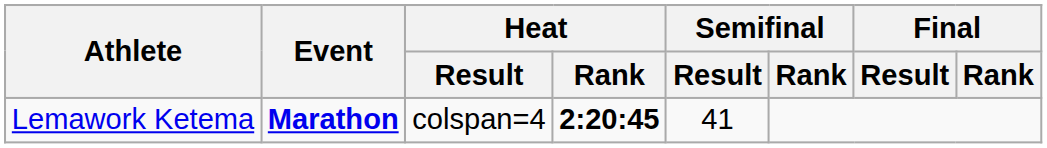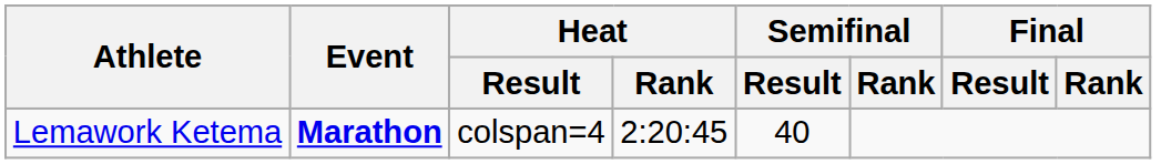 <table class="wikitable"  style=font-size:90%>
 <tr>
 <th rowspan="2">Athlete</th>
 <th rowspan="2">Event</th>
 <th colspan="2">Heat</th>
 <th colspan="2">Semifinal</th>
 <th colspan="2">Final</th>
 </tr>
 <tr>
 <th>Result</th>
 <th>Rank</th>
 <th>Result</th>
 <th>Rank</th>
 <th>Result</th>
 <th>Rank</th>
 </tr>
 <tr style=text-align:center>
 <td style=text-align:left><a href='#'>Lemawork Ketema</a></td>
 <td style=text-align:left><strong><a href='#'>Marathon</a></strong></td>
 <td>colspan=4</td>
-<td><strong>2:20:45</strong></td>
-<td>41</td>
+<td>2:20:45</td>
+<td>40</td>
 </tr>
 </table>
